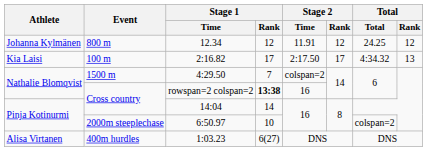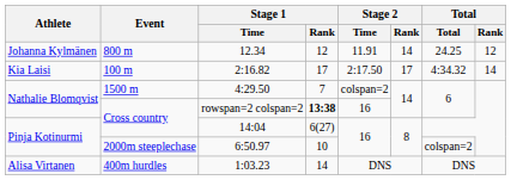 <table class="wikitable" style="font-size:90%">
 <tr>
 <th rowspan=2>Athlete</th>
 <th rowspan=2>Event</th>
 <th colspan=2>Stage 1</th>
 <th colspan=2>Stage 2</th>
 <th colspan=2>Total</th>
 </tr>
 <tr style="font-size:95%">
 <th>Time</th>
 <th>Rank</th>
 <th>Time</th>
 <th>Rank</th>
 <th>Total</th>
 <th>Rank</th>
 </tr>
 <tr align=center>
 <td align=left><a href='#'>Johanna Kylmänen</a></td>
 <td align=left><a href='#'>800 m</a></td>
 <td>12.34</td>
 <td>12</td>
 <td>11.91</td>
-<td>12</td>
+<td>14</td>
 <td>24.25</td>
 <td>12</td>
 </tr>
 <tr align=center>
 <td align=left><a href='#'>Kia Laisi</a></td>
 <td align=left><a href='#'>100 m</a></td>
 <td>2:16.82</td>
 <td>17</td>
 <td>2:17.50</td>
 <td>17</td>
 <td>4:34.32</td>
-<td>13</td>
+<td>14</td>
 </tr>
 <tr align=center>
 <td rowspan=2><a href='#'>Nathalie Blomqvist</a></td>
 <td align=left><a href='#'>1500 m</a></td>
 <td>4:29.50</td>
 <td>7</td>
 <td>colspan=2 </td>
 <td rowspan=2>14</td>
 <td rowspan=2>6</td>
 </tr>
 <tr align=center>
 <td rowspan=2 align=left><a href='#'>Cross country</a></td>
 <td>rowspan=2 colspan=2 </td>
 <td><strong>13:38</strong></td>
 <td>16</td>
 </tr>
 <tr align=center>
 <td rowspan=2 align=left><a href='#'>Pinja Kotinurmi</a></td>
 <td>14:04</td>
-<td>14</td>
+<td>6(27)</td>
 <td rowspan=2>16</td>
 <td rowspan=2>8</td>
 </tr>
 <tr align=center>
 <td align=left><a href='#'>2000m steeplechase</a></td>
 <td>6:50.97</td>
 <td>10</td>
 <td>colspan=2 </td>
 </tr>
 <tr align=center>
 <td align=left><a href='#'>Alisa Virtanen</a></td>
 <td align=left><a href='#'>400m hurdles</a></td>
 <td>1:03.23</td>
-<td>6(27)</td>
+<td>14</td>
 <td colspan=2>DNS</td>
 <td colspan=2>DNS</td>
 </tr>
 </table>
